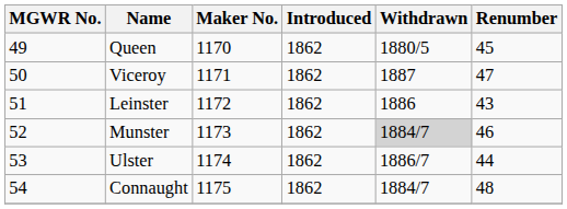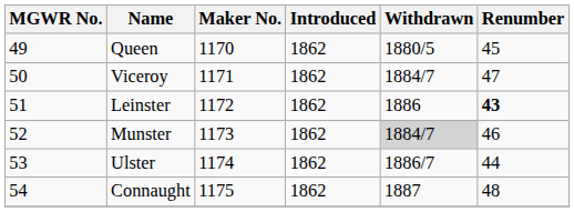 <table class="wikitable">
 <tr>
 <th>MGWR No.</th>
 <th>Name</th>
 <th>Maker No.</th>
 <th>Introduced</th>
 <th>Withdrawn</th>
 <th>Renumber</th>
 </tr>
 <tr>
 <td>49</td>
 <td>Queen</td>
 <td>1170</td>
 <td>1862</td>
 <td>1880/5</td>
 <td>45</td>
 </tr>
 <tr>
 <td>50</td>
 <td>Viceroy</td>
 <td>1171</td>
 <td>1862</td>
-<td>1887</td>
+<td>1884/7</td>
 <td>47</td>
 </tr>
 <tr>
 <td>51</td>
 <td>Leinster</td>
 <td>1172</td>
 <td>1862</td>
 <td>1886</td>
-<td>43</td>
+<td><strong>43</strong></td>
 </tr>
 <tr>
 <td>52</td>
 <td>Munster</td>
 <td>1173</td>
 <td>1862</td>
 <td style="background: lightgrey;">1884/7</td>
 <td>46</td>
 </tr>
 <tr>
 <td>53</td>
 <td>Ulster</td>
 <td>1174</td>
 <td>1862</td>
 <td>1886/7</td>
 <td>44</td>
 </tr>
 <tr>
 <td>54</td>
 <td>Connaught</td>
 <td>1175</td>
 <td>1862</td>
-<td>1884/7</td>
+<td>1887</td>
 <td>48</td>
 </tr>
 <tr>
 </tr>
 </table>
